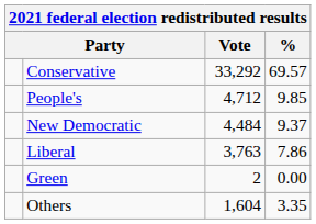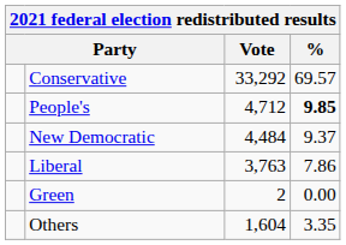 <table class="wikitable">
 <tr>
 <th colspan="4"><a href='#'>2021 federal election</a> redistributed results</th>
 </tr>
 <tr>
 <th bgcolor="#DDDDFF" width="130px" colspan="2">Party</th>
 <th bgcolor="#DDDDFF" width="50px">Vote</th>
 <th bgcolor="#DDDDFF" width="30px">%</th>
 </tr>
 <tr>
 <td> </td>
 <td><a href='#'>Conservative</a></td>
 <td align=right>33,292</td>
 <td align=right>69.57</td>
 </tr>
 <tr>
 <td> </td>
 <td><a href='#'>People's</a></td>
 <td align=right>4,712</td>
-<td align=right>9.85</td>
+<td align=right><strong>9.85</strong></td>
 </tr>
 <tr>
 <td> </td>
 <td><a href='#'>New Democratic</a></td>
 <td align=right>4,484</td>
 <td align=right>9.37</td>
 </tr>
 <tr>
 <td> </td>
 <td><a href='#'>Liberal</a></td>
 <td align=right>3,763</td>
 <td align=right>7.86</td>
 </tr>
 <tr>
 <td> </td>
 <td><a href='#'>Green</a></td>
 <td align=right>2</td>
 <td align=right>0.00</td>
 </tr>
 <tr>
 <td> </td>
 <td>Others</td>
 <td align=right>1,604</td>
 <td align=right>3.35</td>
 </tr>
 </table>
